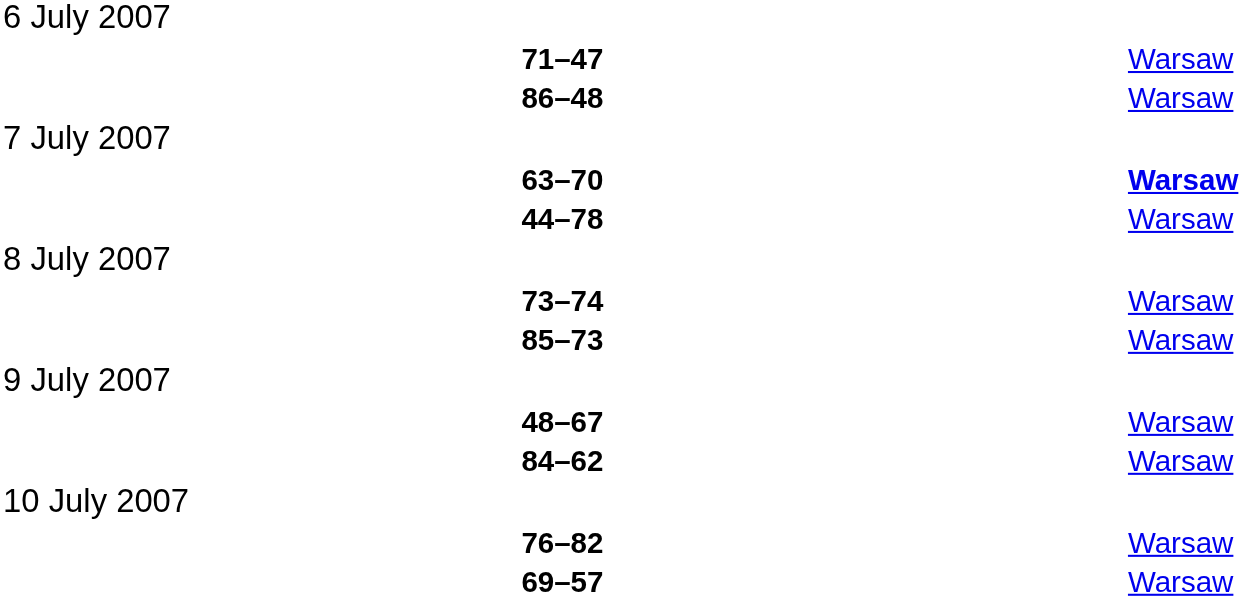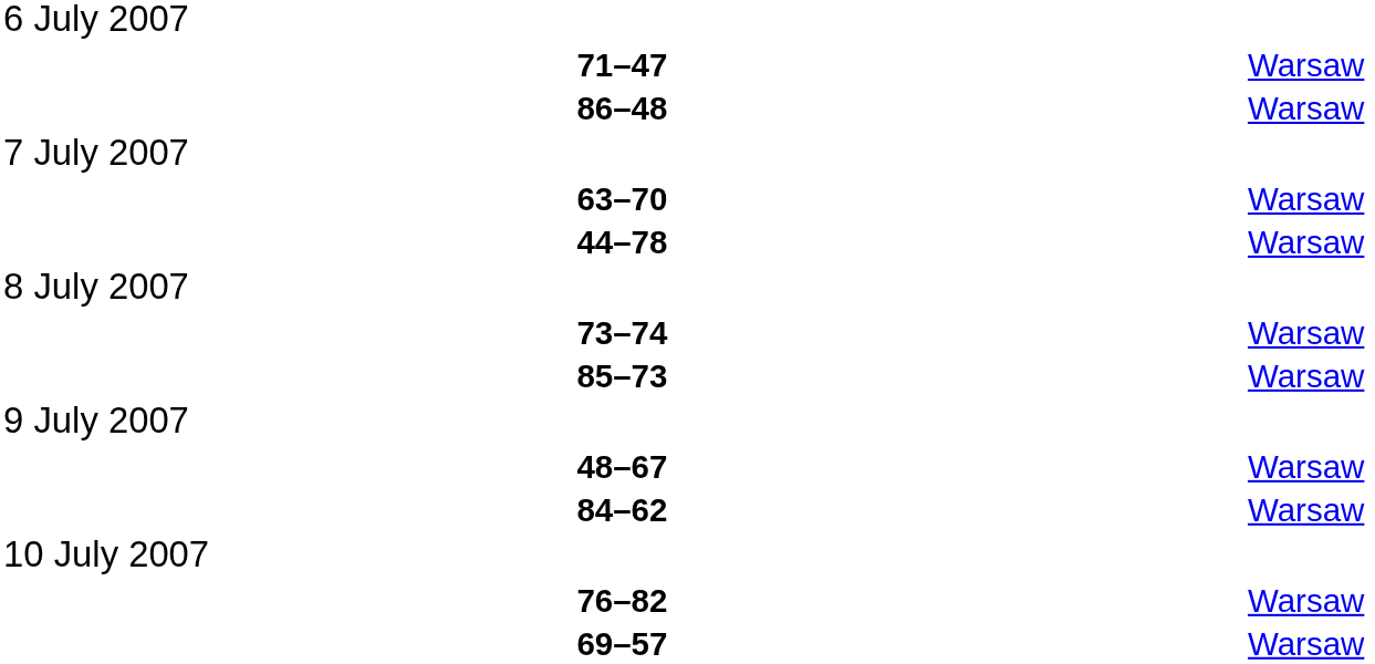 <table style="width:100%;" cellspacing="1">
 <tr>
 <th width=25%></th>
 <th width=3%></th>
 <th width=6%></th>
 <th width=3%></th>
 <th width=25%></th>
 </tr>
 <tr>
 <td>6 July 2007</td>
 </tr>
 <tr style=font-size:90%>
 <td align=right><strong></strong></td>
 <td></td>
 <td align=center><strong>71–47</strong></td>
 <td></td>
 <td><strong></strong></td>
 <td><a href='#'>Warsaw</a></td>
 </tr>
 <tr style=font-size:90%>
 <td align=right><strong></strong></td>
 <td></td>
 <td align=center><strong>86–48</strong></td>
 <td></td>
 <td><strong></strong></td>
 <td><a href='#'>Warsaw</a></td>
 </tr>
 <tr>
 <td>7 July 2007</td>
 </tr>
 <tr style=font-size:90%>
 <td align=right><strong></strong></td>
 <td></td>
 <td align=center><strong>63–70</strong></td>
 <td></td>
 <td><strong></strong></td>
-<td><strong><a href='#'>Warsaw</a></strong></td>
+<td><a href='#'>Warsaw</a></td>
 </tr>
 <tr style=font-size:90%>
 <td align=right><strong></strong></td>
 <td></td>
 <td align=center><strong>44–78</strong></td>
 <td></td>
 <td><strong></strong></td>
 <td><a href='#'>Warsaw</a></td>
 </tr>
 <tr>
 <td>8 July 2007</td>
 </tr>
 <tr style=font-size:90%>
 <td align=right><strong></strong></td>
 <td></td>
 <td align=center><strong>73–74</strong></td>
 <td></td>
 <td><strong></strong></td>
 <td><a href='#'>Warsaw</a></td>
 </tr>
 <tr style=font-size:90%>
 <td align=right><strong></strong></td>
 <td></td>
 <td align=center><strong>85–73</strong></td>
 <td></td>
 <td><strong></strong></td>
 <td><a href='#'>Warsaw</a></td>
 </tr>
 <tr>
 <td>9 July 2007</td>
 </tr>
 <tr style=font-size:90%>
 <td align=right><strong></strong></td>
 <td></td>
 <td align=center><strong>48–67</strong></td>
 <td></td>
 <td><strong></strong></td>
 <td><a href='#'>Warsaw</a></td>
 </tr>
 <tr style=font-size:90%>
 <td align=right><strong></strong></td>
 <td></td>
 <td align=center><strong>84–62</strong></td>
 <td></td>
 <td><strong></strong></td>
 <td><a href='#'>Warsaw</a></td>
 </tr>
 <tr>
 <td>10 July 2007</td>
 </tr>
 <tr style=font-size:90%>
 <td align=right><strong></strong></td>
 <td></td>
 <td align=center><strong>76–82</strong></td>
 <td></td>
 <td><strong></strong></td>
 <td><a href='#'>Warsaw</a></td>
 </tr>
 <tr style=font-size:90%>
 <td align=right><strong></strong></td>
 <td></td>
 <td align=center><strong>69–57</strong></td>
 <td></td>
 <td><strong></strong></td>
 <td><a href='#'>Warsaw</a></td>
 </tr>
 </table>
